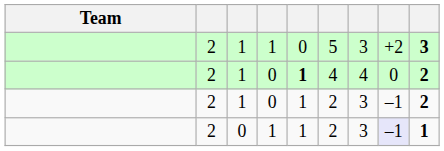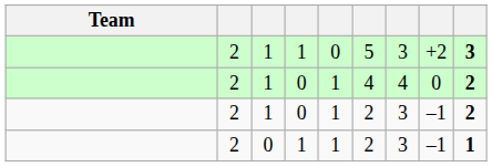 <table class="wikitable" style="margin:1em auto; text-align:center">
 <tr>
 <th width=165>Team</th>
 <th width=20></th>
 <th width=20></th>
 <th width=20></th>
 <th width=20></th>
 <th width=20></th>
 <th width=20></th>
 <th width=20></th>
 <th width=20></th>
 </tr>
 <tr bgcolor="#ccffcc">
 <td align="left"></td>
 <td>2</td>
 <td>1</td>
 <td>1</td>
 <td>0</td>
 <td>5</td>
 <td>3</td>
 <td>+2</td>
 <td><strong>3</strong></td>
 </tr>
 <tr bgcolor="#ccffcc">
 <td align="left"></td>
 <td>2</td>
 <td>1</td>
 <td>0</td>
-<td><strong>1</strong></td>
+<td>1</td>
 <td>4</td>
 <td>4</td>
 <td>0</td>
 <td><strong>2</strong></td>
 </tr>
 <tr>
 <td align="left"></td>
 <td>2</td>
 <td>1</td>
 <td>0</td>
 <td>1</td>
 <td>2</td>
 <td>3</td>
 <td>–1</td>
 <td><strong>2</strong></td>
 </tr>
 <tr>
 <td align="left"></td>
 <td>2</td>
 <td>0</td>
 <td>1</td>
 <td>1</td>
 <td>2</td>
 <td>3</td>
-<td style="background: lavender;">–1</td>
+<td>–1</td>
 <td><strong>1</strong></td>
 </tr>
 </table>
